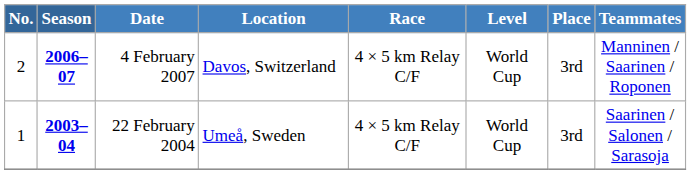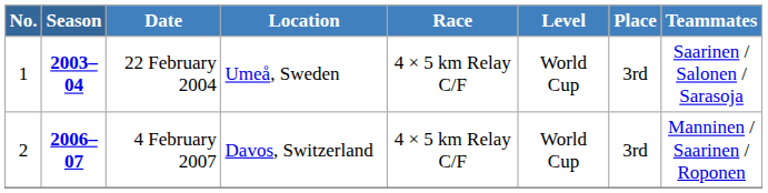 <table class="wikitable sortable" style="font-size:95%; text-align:center; border:grey solid 1px; border-collapse:collapse; background:#ffffff;">
 <tr style="background:#efefef;">
 <th style="background-color:#369; color:white;">No.</th>
 <th style="background-color:#369; color:white;">Season</th>
 <th style="background-color:#4180be; color:white; width:120px;">Date</th>
 <th style="background-color:#4180be; color:white; width:190px;">Location</th>
 <th style="background-color:#4180be; color:white; width:170px;">Race</th>
 <th style="background-color:#4180be; color:white; width:100px;">Level</th>
 <th style="background-color:#4180be; color:white;">Place</th>
 <th style="background-color:#4180be; color:white;">Teammates</th>
 </tr>
 <tr>
+<td align=center>1</td>
+<td rowspan=1 align=center><strong><a href='#'>2003–04</a></strong></td>
+<td align=right>22 February 2004</td>
+<td align=left> <a href='#'>Umeå</a>, Sweden</td>
+<td>4 × 5 km Relay C/F</td>
+<td>World Cup</td>
+<td>3rd</td>
+<td><a href='#'>Saarinen</a> / <a href='#'>Salonen</a> / <a href='#'>Sarasoja</a></td>
+</tr>
+<tr>
 <td align=center>2</td>
 <td rowspan=1 align=center><strong><a href='#'>2006–07</a></strong></td>
 <td align=right>4 February 2007</td>
 <td align=left> <a href='#'>Davos</a>, Switzerland</td>
 <td>4 × 5 km Relay C/F</td>
 <td>World Cup</td>
 <td>3rd</td>
 <td><a href='#'>Manninen</a> / <a href='#'>Saarinen</a> / <a href='#'>Roponen</a></td>
 </tr>
 <tr>
-<td align=center>1</td>
-<td rowspan=1 align=center><strong><a href='#'>2003–04</a></strong></td>
-<td align=right>22 February 2004</td>
-<td align=left> <a href='#'>Umeå</a>, Sweden</td>
-<td>4 × 5 km Relay C/F</td>
-<td>World Cup</td>
-<td>3rd</td>
-<td><a href='#'>Saarinen</a> / <a href='#'>Salonen</a> / <a href='#'>Sarasoja</a></td>
-</tr>
-<tr>
 </tr>
 </table>
